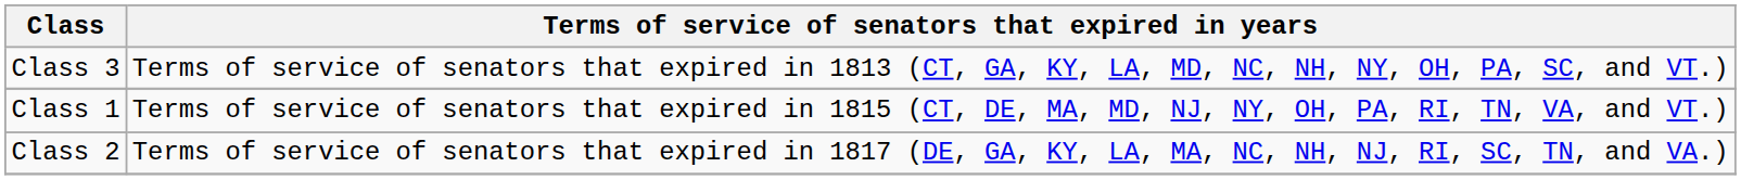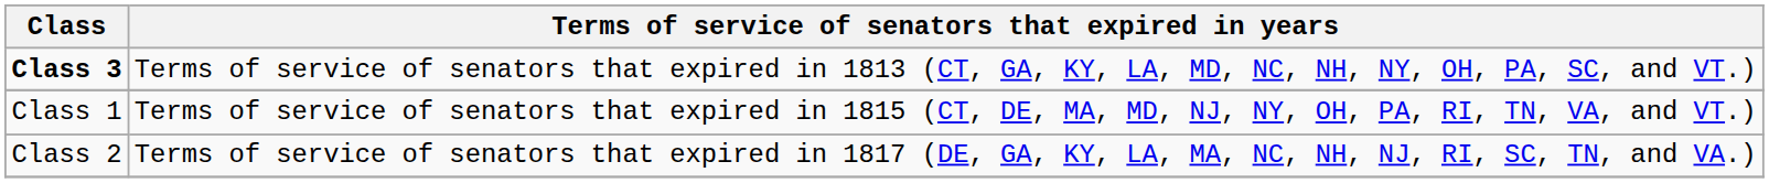 <table class="wikitable sortable">
 <tr valign=bottom>
 <th>Class</th>
 <th>Terms of service of senators that expired in years</th>
 </tr>
 <tr>
-<td>Class 3</td>
+<td><strong>Class 3</strong></td>
 <td>Terms of service of senators that expired in 1813 (<a href='#'>CT</a>, <a href='#'>GA</a>, <a href='#'>KY</a>, <a href='#'>LA</a>, <a href='#'>MD</a>, <a href='#'>NC</a>, <a href='#'>NH</a>, <a href='#'>NY</a>, <a href='#'>OH</a>, <a href='#'>PA</a>, <a href='#'>SC</a>, and <a href='#'>VT</a>.)</td>
 </tr>
 <tr>
 </tr>
 <tr>
 <td>Class 1</td>
 <td>Terms of service of senators that expired in 1815 (<a href='#'>CT</a>, <a href='#'>DE</a>, <a href='#'>MA</a>, <a href='#'>MD</a>, <a href='#'>NJ</a>, <a href='#'>NY</a>, <a href='#'>OH</a>, <a href='#'>PA</a>, <a href='#'>RI</a>, <a href='#'>TN</a>, <a href='#'>VA</a>, and <a href='#'>VT</a>.)</td>
 </tr>
 <tr>
 <td>Class 2</td>
 <td>Terms of service of senators that expired in 1817 (<a href='#'>DE</a>, <a href='#'>GA</a>, <a href='#'>KY</a>, <a href='#'>LA</a>, <a href='#'>MA</a>, <a href='#'>NC</a>, <a href='#'>NH</a>, <a href='#'>NJ</a>, <a href='#'>RI</a>, <a href='#'>SC</a>, <a href='#'>TN</a>, and <a href='#'>VA</a>.)</td>
 </tr>
 <tr>
 </tr>
 </table>
